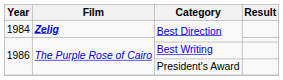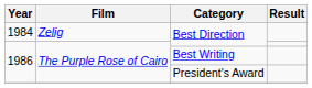 <table class="wikitable">
 <tr>
 <th>Year</th>
 <th>Film</th>
 <th>Category</th>
 <th>Result</th>
 </tr>
 <tr>
 <td>1984</td>
-<td><strong><em><a href='#'>Zelig</a></em></strong></td>
+<td><em><a href='#'>Zelig</a></em></td>
 <td rowspan=2><a href='#'>Best Direction</a></td>
 <td></td>
 </tr>
 <tr>
 <td rowspan="3">1986</td>
 <td rowspan="3"><em><a href='#'>The Purple Rose of Cairo</a></em></td>
 <td></td>
 </tr>
 <tr>
 <td><a href='#'>Best Writing</a></td>
 <td></td>
 </tr>
 <tr>
 <td align="center">President's Award</td>
 <td></td>
 </tr>
 <tr>
 </tr>
 </table>
